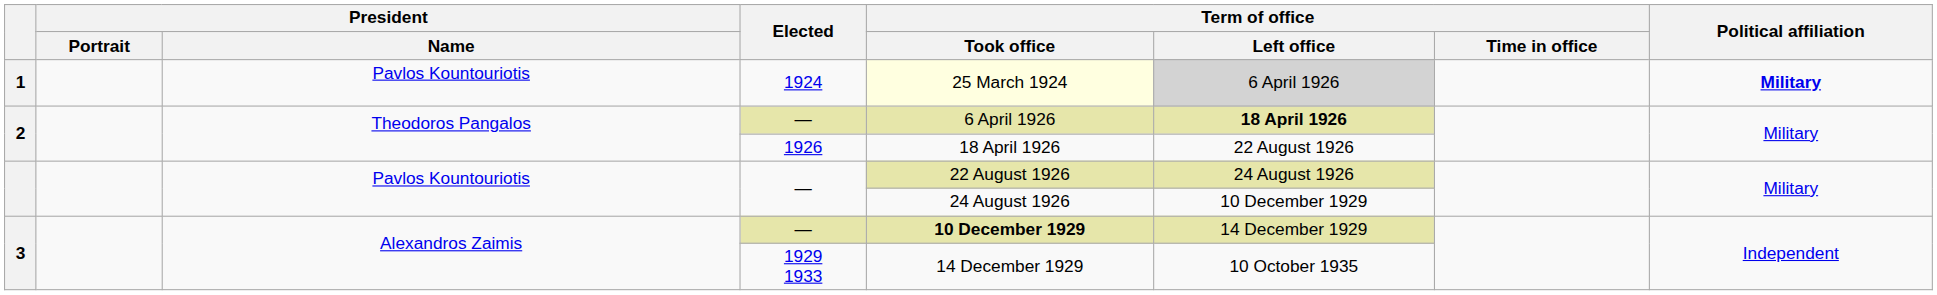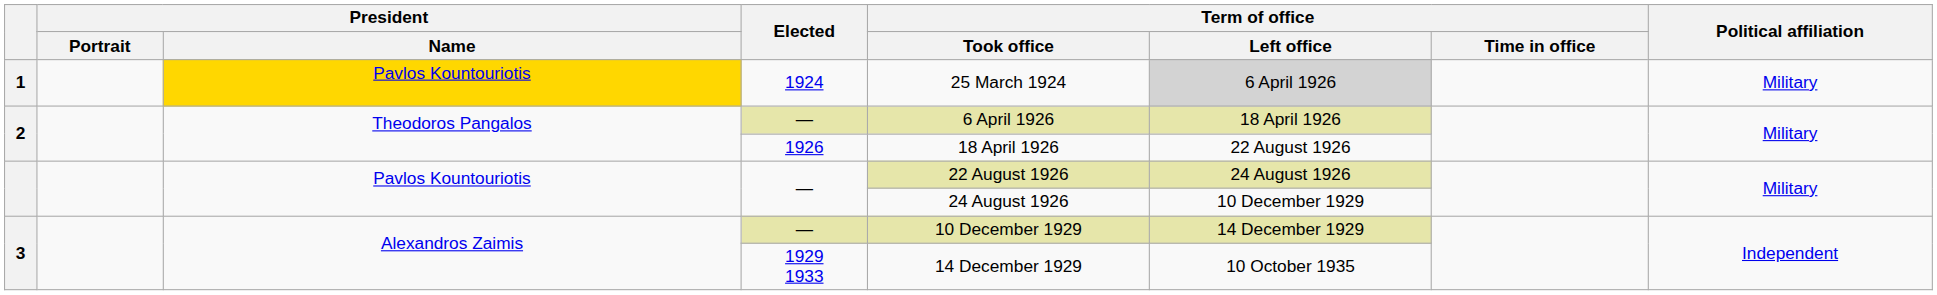 <table class="wikitable" style="text-align:center; width:90%">
 <tr>
 <th rowspan="2"></th>
 <th colspan="2">President</th>
 <th rowspan="2">Elected</th>
 <th colspan="3">Term of office</th>
 <th rowspan="2">Political affiliation</th>
 </tr>
 <tr>
 <th>Portrait</th>
 <th style="width:30%;">Name<br></th>
 <th>Took office</th>
 <th>Left office</th>
 <th>Time in office</th>
 </tr>
 <tr>
 <th style="background:">1</th>
 <td></td>
-<td> <a href='#'>Pavlos Kountouriotis</a><br><br></td>
+<td style="background: gold;"> <a href='#'>Pavlos Kountouriotis</a><br><br></td>
 <td><a href='#'>1924</a></td>
-<td style="background: lightyellow;">25 March 1924</td>
+<td>25 March 1924</td>
 <td style="background: lightgrey;">6 April 1926<br></td>
 <td></td>
-<td><strong><a href='#'>Military</a></strong></td>
+<td><a href='#'>Military</a></td>
 </tr>
 <tr>
 <th rowspan=2 style="background:">2</th>
 <td rowspan=2></td>
 <td rowspan=2> <a href='#'>Theodoros Pangalos</a><br><br></td>
 <td style="background:#e6e6aa;">—</td>
 <td style="background:#e6e6aa;">6 April 1926</td>
-<td style="background:#e6e6aa;"><strong>18 April 1926</strong></td>
+<td style="background:#e6e6aa;">18 April 1926</td>
 <td rowspan=2></td>
 <td rowspan="2"><a href='#'>Military</a></td>
 </tr>
 <tr>
 <td><a href='#'>1926</a></td>
 <td>18 April 1926</td>
 <td>22 August 1926<br></td>
 </tr>
 <tr>
 <th rowspan=2 style="background:"></th>
 <td rowspan=2></td>
 <td rowspan=2> <a href='#'>Pavlos Kountouriotis</a><br><br></td>
 <td rowspan=2>—</td>
 <td style="background:#e6e6aa;">22 August 1926</td>
 <td style="background:#e6e6aa;">24 August 1926</td>
 <td rowspan=2></td>
 <td rowspan="2"><a href='#'>Military</a></td>
 </tr>
 <tr>
 <td>24 August 1926</td>
 <td>10 December 1929<br></td>
 </tr>
 <tr>
 <th rowspan=2 style="background:">3</th>
 <td rowspan=2></td>
 <td rowspan=2><a href='#'>Alexandros Zaimis</a><br><br></td>
 <td style="background:#e6e6aa;">—</td>
-<td style="background:#e6e6aa;"><strong>10 December 1929</strong></td>
+<td style="background:#e6e6aa;">10 December 1929</td>
 <td style="background:#e6e6aa;">14 December 1929</td>
 <td rowspan=2></td>
 <td rowspan="2"><a href='#'>Independent</a></td>
 </tr>
 <tr>
 <td><a href='#'>1929</a><br><a href='#'>1933</a></td>
 <td>14 December 1929</td>
 <td>10 October 1935<br></td>
 </tr>
 </table>
